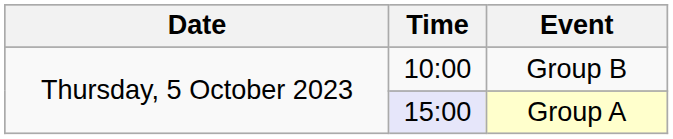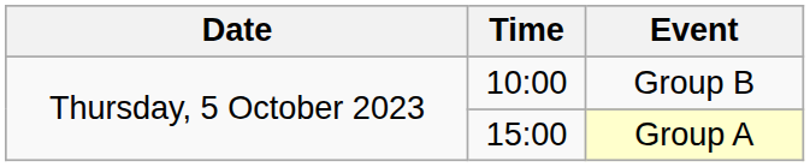 <table class="wikitable" style="text-align:center;">
 <tr>
 <th width=220>Date</th>
 <th width=50>Time</th>
 <th width=100>Event</th>
 </tr>
 <tr>
 <td rowspan=2>Thursday, 5 October 2023</td>
 <td>10:00</td>
 <td>Group B</td>
 </tr>
 <tr>
-<td style="background: lavender;">15:00</td>
+<td>15:00</td>
 <td bgcolor="ffffcc">Group A</td>
 </tr>
 </table>
